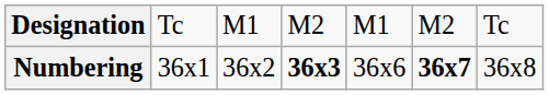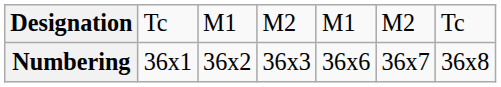 <table class="wikitable">
 <tr>
 <th>Designation</th>
 <td>Tc</td>
 <td>M1</td>
 <td>M2</td>
 <td>M1</td>
 <td>M2</td>
 <td>Tc</td>
 </tr>
 <tr>
 <th>Numbering</th>
 <td>36x1</td>
 <td>36x2</td>
-<td><strong>36x3</strong></td>
+<td>36x3</td>
 <td>36x6</td>
-<td><strong>36x7</strong></td>
+<td>36x7</td>
 <td>36x8</td>
 </tr>
 </table>
